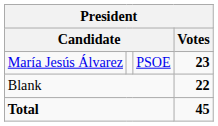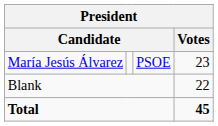 <table class="wikitable" style="font-size:90%; text-align:right;">
 <tr>
 <th colspan="4">President</th>
 </tr>
 <tr>
 <th colspan="3" valign="bottom">Candidate</th>
 <th>Votes</th>
 </tr>
 <tr>
 <td align="left"><a href='#'>María Jesús Álvarez</a></td>
 <td style="background:"></td>
 <td align="left"><a href='#'>PSOE</a></td>
-<td><strong>23</strong></td>
+<td>23</td>
 </tr>
 <tr>
 <td colspan="3" align="left">Blank</td>
-<td><strong>22</strong></td>
+<td>22</td>
 </tr>
 <tr style="font-weight:bold">
 <td colspan="3" align="left">Total</td>
 <td>45</td>
 </tr>
 </table>
